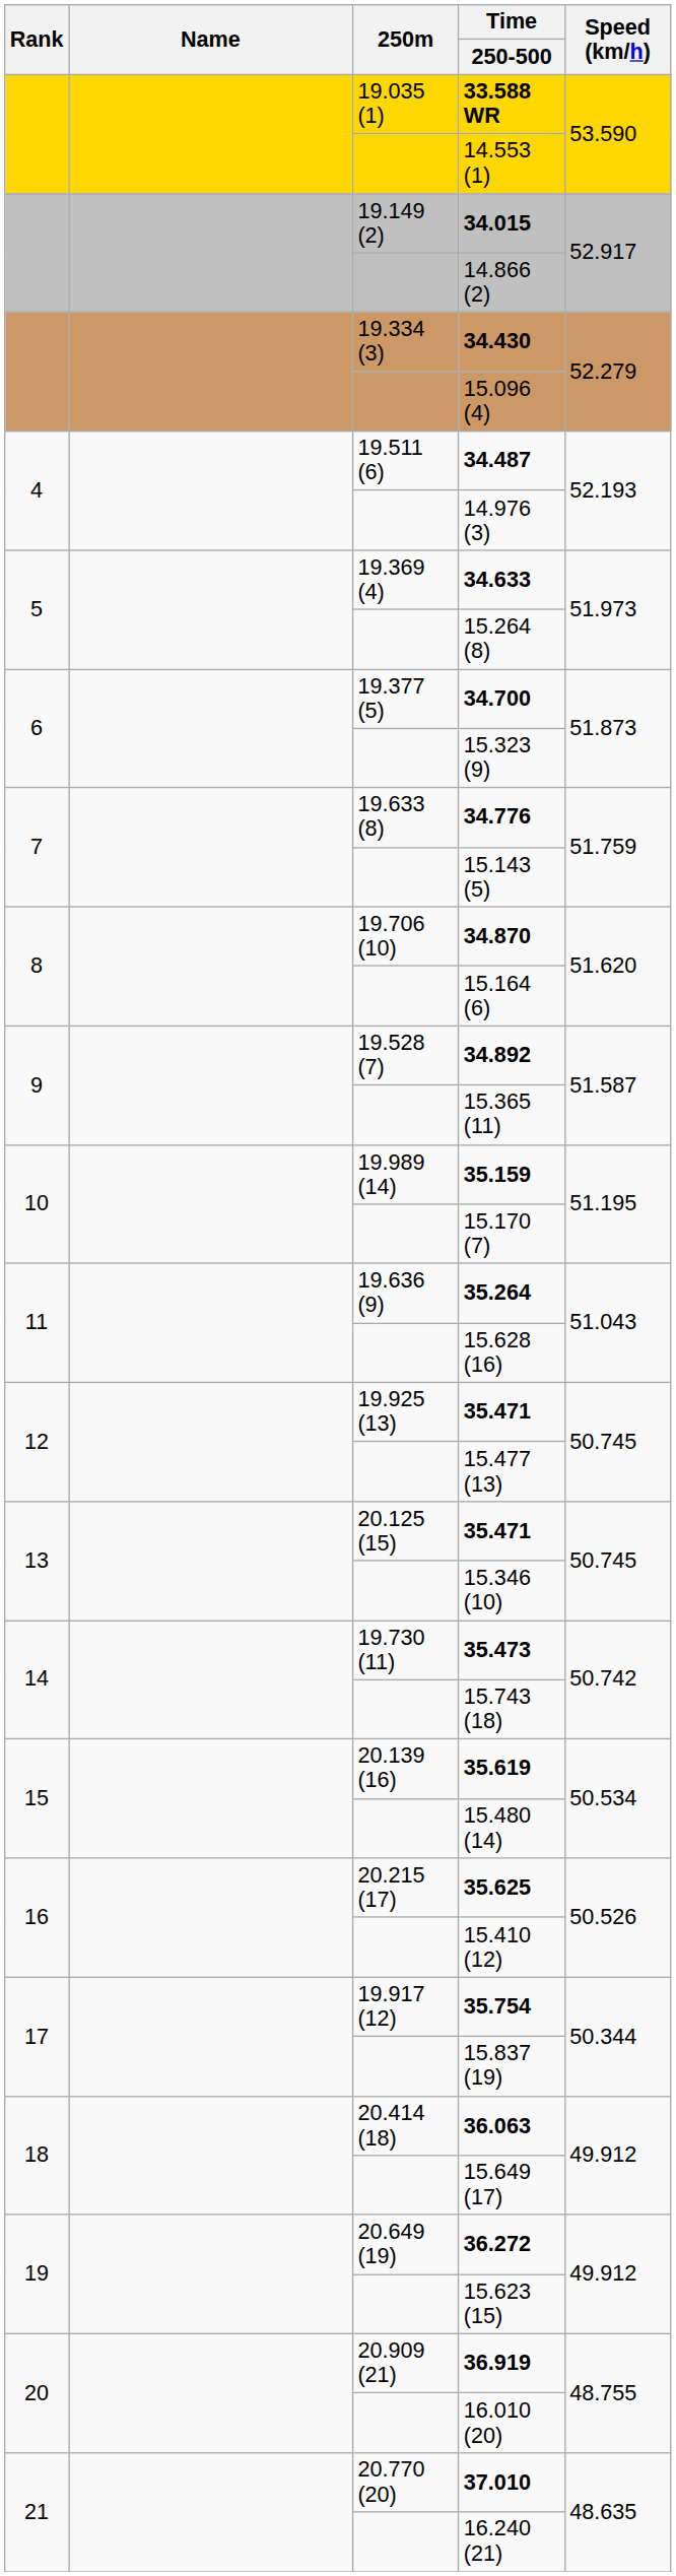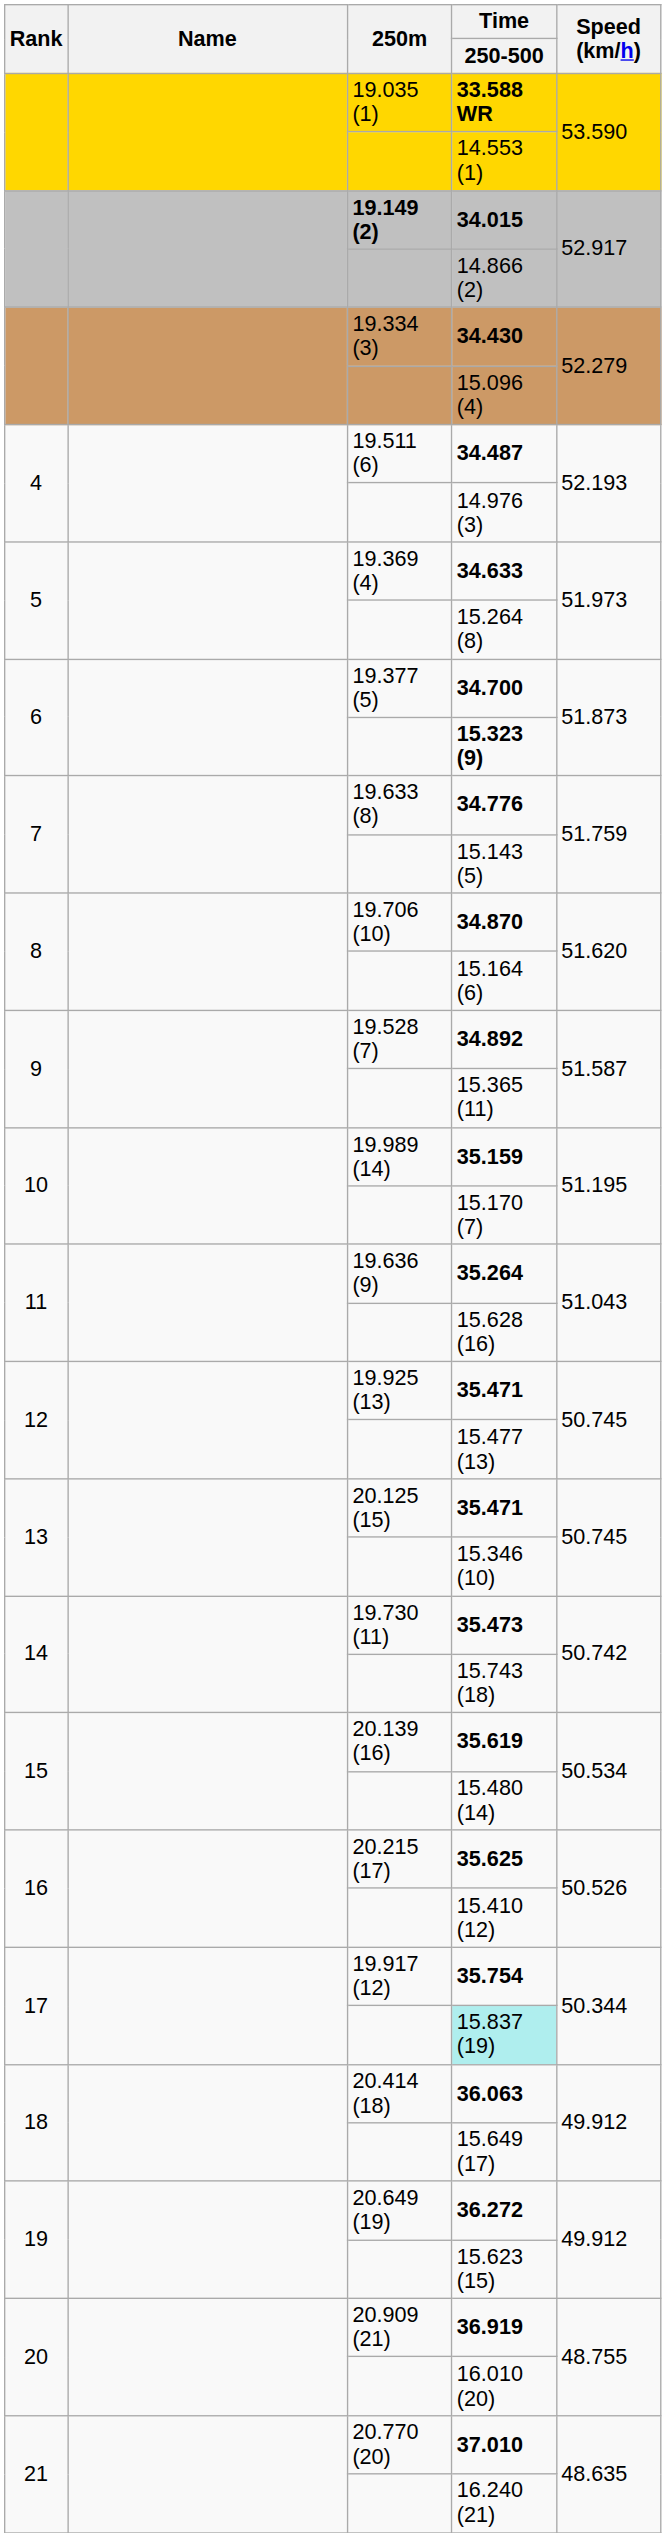 <table class="wikitable">
 <tr>
 <th rowspan=2 width=20>Rank</th>
 <th rowspan=2 width=200>Name</th>
 <th rowspan=2 width=70>250m</th>
 <th width=70>Time</th>
 <th rowspan=2 width=70>Speed<br>(km/<a href='#'>h</a>)</th>
 </tr>
 <tr>
 <th>250-500</th>
 </tr>
 <tr bgcolor=gold>
 <td align=center rowspan=2></td>
 <td rowspan=2></td>
 <td>19.035 (1)</td>
 <td><strong>33.588 WR</strong></td>
 <td rowspan=2>53.590</td>
 </tr>
 <tr bgcolor=gold>
 <td></td>
 <td>14.553 (1)</td>
 </tr>
 <tr bgcolor=silver>
 <td align=center rowspan=2></td>
 <td rowspan=2></td>
-<td>19.149 (2)</td>
+<td><strong>19.149 (2)</strong></td>
 <td><strong>34.015</strong></td>
 <td rowspan=2>52.917</td>
 </tr>
 <tr bgcolor=silver>
 <td></td>
 <td>14.866 (2)</td>
 </tr>
 <tr bgcolor=cc9966>
 <td align=center rowspan=2></td>
 <td rowspan=2></td>
 <td>19.334 (3)</td>
 <td><strong>34.430</strong></td>
 <td rowspan=2>52.279</td>
 </tr>
 <tr bgcolor=cc9966>
 <td></td>
 <td>15.096 (4)</td>
 </tr>
 <tr>
 <td align=center rowspan=2>4</td>
 <td rowspan=2></td>
 <td>19.511 (6)</td>
 <td><strong>34.487</strong></td>
 <td rowspan=2>52.193</td>
 </tr>
 <tr>
 <td></td>
 <td>14.976 (3)</td>
 </tr>
 <tr>
 <td align=center rowspan=2>5</td>
 <td rowspan=2></td>
 <td>19.369 (4)</td>
 <td><strong>34.633</strong></td>
 <td rowspan=2>51.973</td>
 </tr>
 <tr>
 <td></td>
 <td>15.264 (8)</td>
 </tr>
 <tr>
 <td align=center rowspan=2>6</td>
 <td rowspan=2></td>
 <td>19.377 (5)</td>
 <td><strong>34.700</strong></td>
 <td rowspan=2>51.873</td>
 </tr>
 <tr>
 <td></td>
-<td>15.323 (9)</td>
+<td><strong>15.323 (9)</strong></td>
 </tr>
 <tr>
 <td align=center rowspan=2>7</td>
 <td rowspan=2></td>
 <td>19.633 (8)</td>
 <td><strong>34.776</strong></td>
 <td rowspan=2>51.759</td>
 </tr>
 <tr>
 <td></td>
 <td>15.143 (5)</td>
 </tr>
 <tr>
 <td align=center rowspan=2>8</td>
 <td rowspan=2></td>
 <td>19.706 (10)</td>
 <td><strong>34.870</strong></td>
 <td rowspan=2>51.620</td>
 </tr>
 <tr>
 <td></td>
 <td>15.164 (6)</td>
 </tr>
 <tr>
 <td align=center rowspan=2>9</td>
 <td rowspan=2></td>
 <td>19.528 (7)</td>
 <td><strong>34.892</strong></td>
 <td rowspan=2>51.587</td>
 </tr>
 <tr>
 <td></td>
 <td>15.365 (11)</td>
 </tr>
 <tr>
 <td align=center rowspan=2>10</td>
 <td rowspan=2></td>
 <td>19.989 (14)</td>
 <td><strong>35.159</strong></td>
 <td rowspan=2>51.195</td>
 </tr>
 <tr>
 <td></td>
 <td>15.170 (7)</td>
 </tr>
 <tr>
 <td align=center rowspan=2>11</td>
 <td rowspan=2></td>
 <td>19.636 (9)</td>
 <td><strong>35.264</strong></td>
 <td rowspan=2>51.043</td>
 </tr>
 <tr>
 <td></td>
 <td>15.628 (16)</td>
 </tr>
 <tr>
 <td align=center rowspan=2>12</td>
 <td rowspan=2></td>
 <td>19.925 (13)</td>
 <td><strong>35.471</strong></td>
 <td rowspan=2>50.745</td>
 </tr>
 <tr>
 <td></td>
 <td>15.477 (13)</td>
 </tr>
 <tr>
 <td align=center rowspan=2>13</td>
 <td rowspan=2></td>
 <td>20.125 (15)</td>
 <td><strong>35.471</strong></td>
 <td rowspan=2>50.745</td>
 </tr>
 <tr>
 <td></td>
 <td>15.346 (10)</td>
 </tr>
 <tr>
 <td align=center rowspan=2>14</td>
 <td rowspan=2></td>
 <td>19.730 (11)</td>
 <td><strong>35.473</strong></td>
 <td rowspan=2>50.742</td>
 </tr>
 <tr>
 <td></td>
 <td>15.743 (18)</td>
 </tr>
 <tr>
 <td align=center rowspan=2>15</td>
 <td rowspan=2></td>
 <td>20.139 (16)</td>
 <td><strong>35.619</strong></td>
 <td rowspan=2>50.534</td>
 </tr>
 <tr>
 <td></td>
 <td>15.480 (14)</td>
 </tr>
 <tr>
 <td align=center rowspan=2>16</td>
 <td rowspan=2></td>
 <td>20.215 (17)</td>
 <td><strong>35.625</strong></td>
 <td rowspan=2>50.526</td>
 </tr>
 <tr>
 <td></td>
 <td>15.410 (12)</td>
 </tr>
 <tr>
 <td align=center rowspan=2>17</td>
 <td rowspan=2></td>
 <td>19.917 (12)</td>
 <td><strong>35.754</strong></td>
 <td rowspan=2>50.344</td>
 </tr>
 <tr>
 <td></td>
-<td>15.837 (19)</td>
+<td style="background: paleturquoise;">15.837 (19)</td>
 </tr>
 <tr>
 <td align=center rowspan=2>18</td>
 <td rowspan=2></td>
 <td>20.414 (18)</td>
 <td><strong>36.063</strong></td>
 <td rowspan=2>49.912</td>
 </tr>
 <tr>
 <td></td>
 <td>15.649 (17)</td>
 </tr>
 <tr>
 <td align=center rowspan=2>19</td>
 <td rowspan=2></td>
 <td>20.649 (19)</td>
 <td><strong>36.272</strong></td>
 <td rowspan=2>49.912</td>
 </tr>
 <tr>
 <td></td>
 <td>15.623 (15)</td>
 </tr>
 <tr>
 <td align=center rowspan=2>20</td>
 <td rowspan=2></td>
 <td>20.909 (21)</td>
 <td><strong>36.919</strong></td>
 <td rowspan=2>48.755</td>
 </tr>
 <tr>
 <td></td>
 <td>16.010 (20)</td>
 </tr>
 <tr>
 <td align=center rowspan=2>21</td>
 <td rowspan=2></td>
 <td>20.770 (20)</td>
 <td><strong>37.010</strong></td>
 <td rowspan=2>48.635</td>
 </tr>
 <tr>
 <td></td>
 <td>16.240 (21)</td>
 </tr>
 <tr>
 </tr>
 </table>
